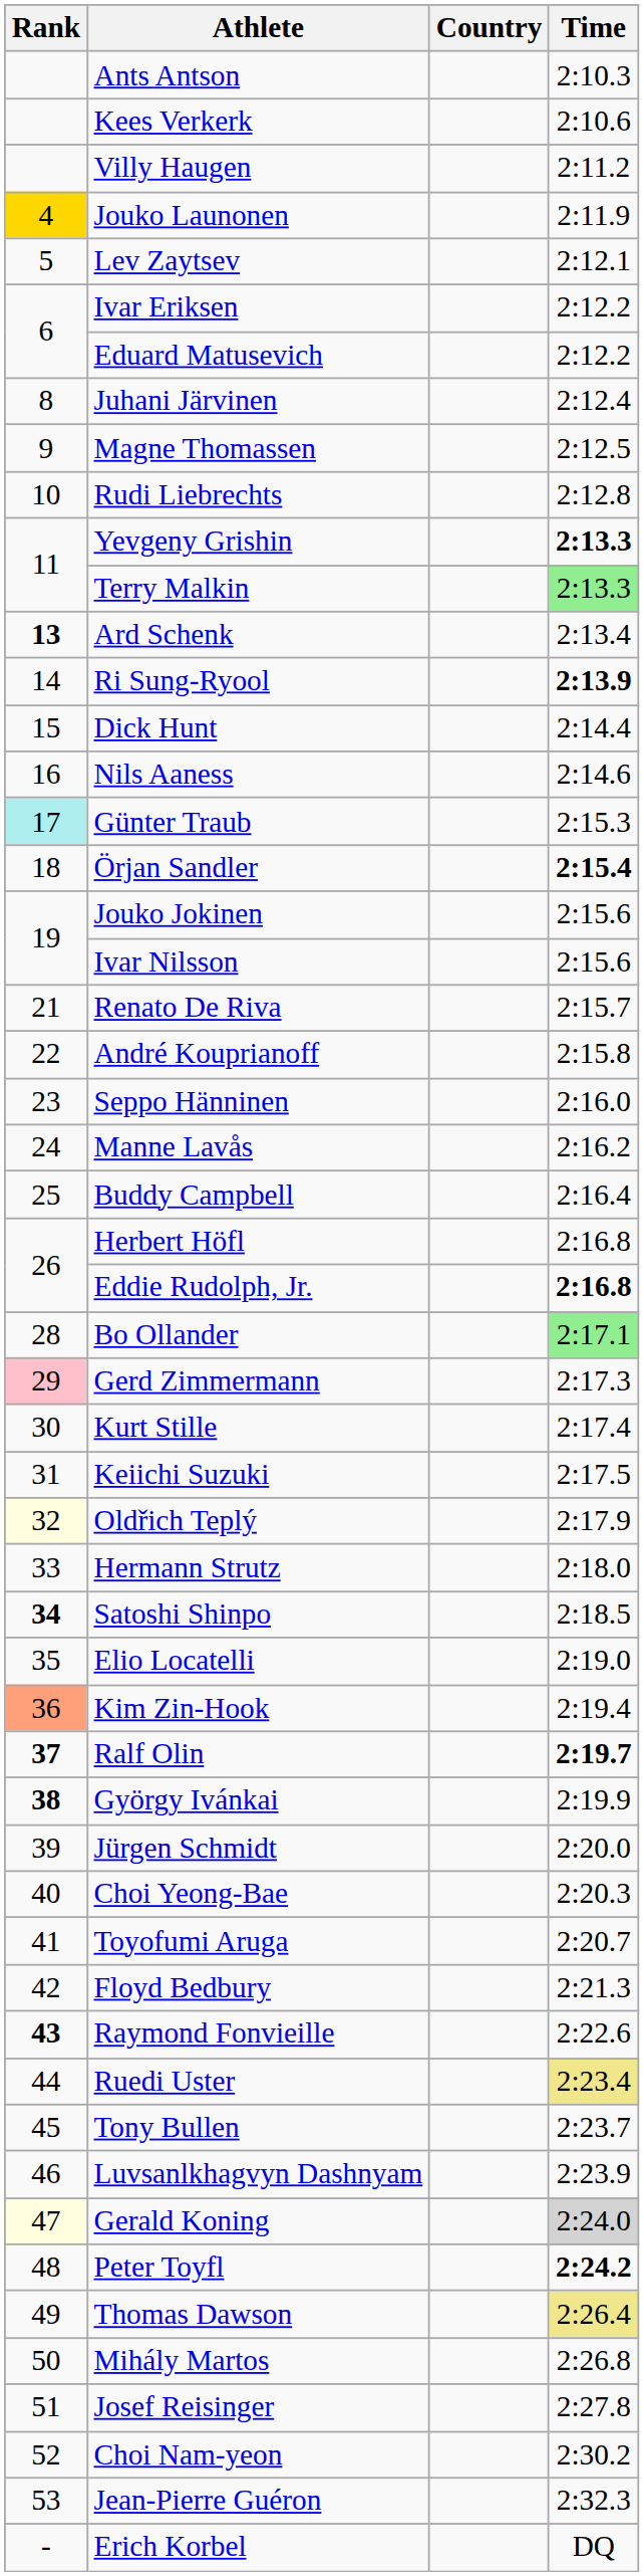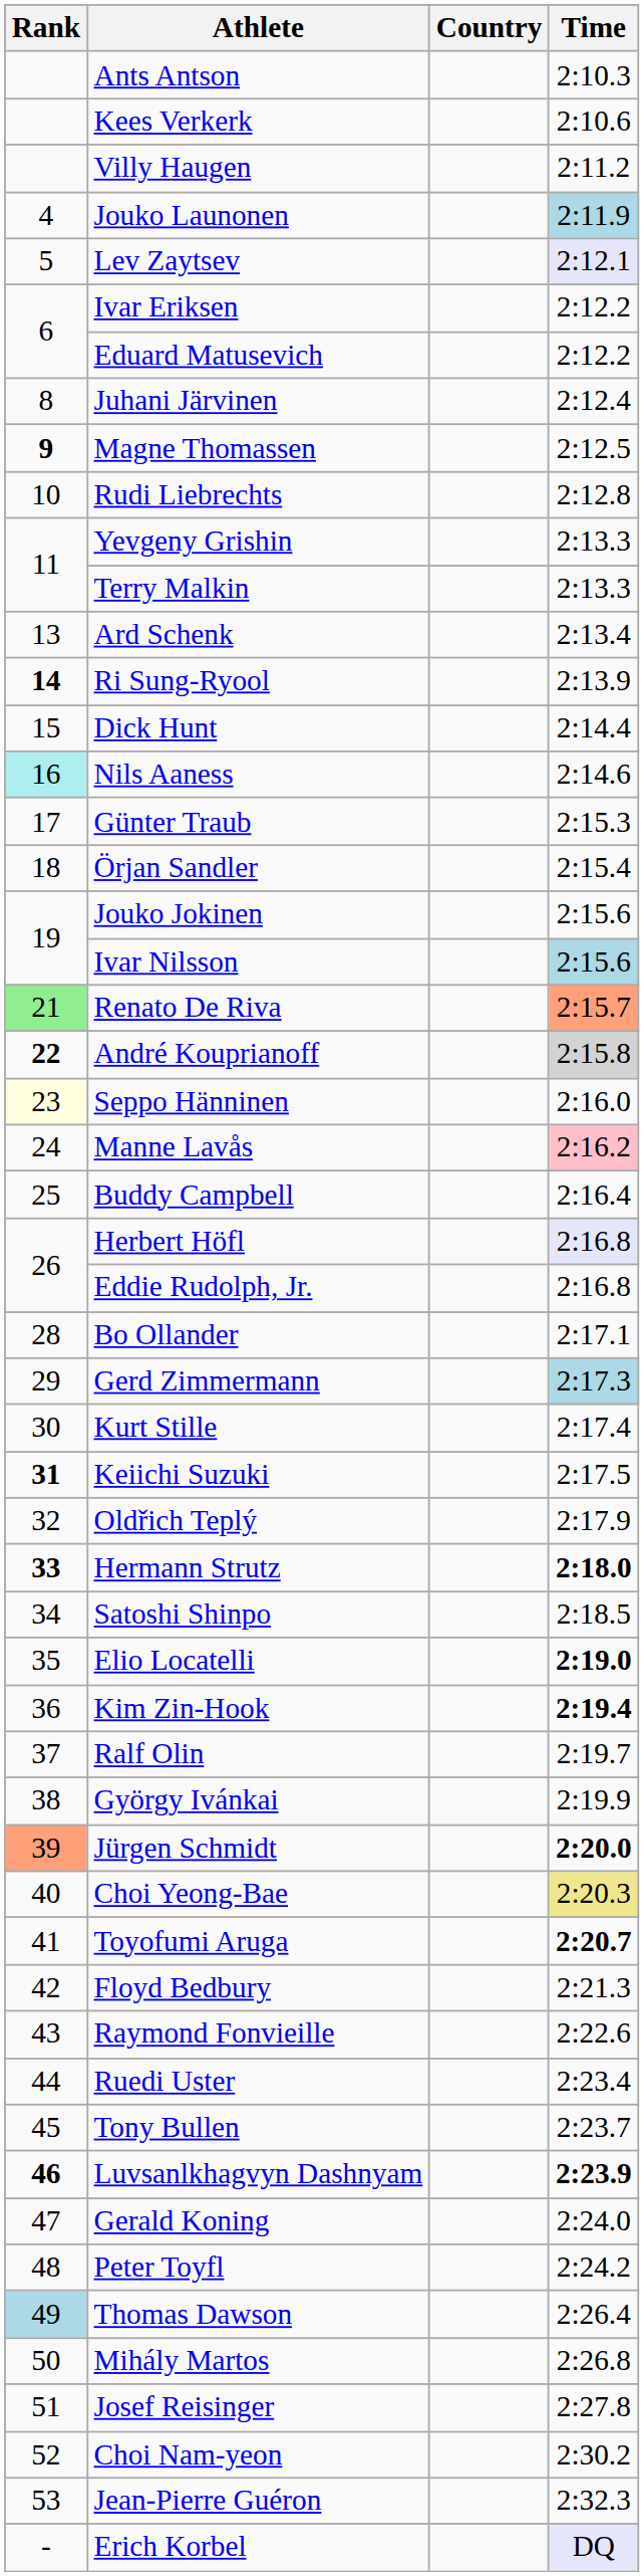 <table class="wikitable sortable" style="text-align:center">
 <tr>
 <th>Rank</th>
 <th>Athlete</th>
 <th>Country</th>
 <th>Time</th>
 </tr>
 <tr>
 <td></td>
 <td align=left><a href='#'>Ants Antson</a></td>
 <td align=left></td>
 <td>2:10.3</td>
 </tr>
 <tr>
 <td></td>
 <td align=left><a href='#'>Kees Verkerk</a></td>
 <td align=left></td>
 <td>2:10.6</td>
 </tr>
 <tr>
 <td></td>
 <td align=left><a href='#'>Villy Haugen</a></td>
 <td align=left></td>
 <td>2:11.2</td>
 </tr>
 <tr>
-<td style="background: gold;">4</td>
+<td>4</td>
 <td align=left><a href='#'>Jouko Launonen</a></td>
 <td align=left></td>
-<td>2:11.9</td>
+<td style="background: lightblue;">2:11.9</td>
 </tr>
 <tr>
 <td>5</td>
 <td align=left><a href='#'>Lev Zaytsev</a></td>
 <td align=left></td>
-<td>2:12.1</td>
+<td style="background: lavender;">2:12.1</td>
 </tr>
 <tr>
 <td rowspan=2>6</td>
 <td align=left><a href='#'>Ivar Eriksen</a></td>
 <td align=left></td>
 <td>2:12.2</td>
 </tr>
 <tr>
 <td align=left><a href='#'>Eduard Matusevich</a></td>
 <td align=left></td>
 <td>2:12.2</td>
 </tr>
 <tr>
 <td>8</td>
 <td align=left><a href='#'>Juhani Järvinen</a></td>
 <td align=left></td>
 <td>2:12.4</td>
 </tr>
 <tr>
-<td>9</td>
+<td><strong>9</strong></td>
 <td align=left><a href='#'>Magne Thomassen</a></td>
 <td align=left></td>
 <td>2:12.5</td>
 </tr>
 <tr>
 <td>10</td>
 <td align=left><a href='#'>Rudi Liebrechts</a></td>
 <td align=left></td>
 <td>2:12.8</td>
 </tr>
 <tr>
 <td rowspan=2>11</td>
 <td align=left><a href='#'>Yevgeny Grishin</a></td>
 <td align=left></td>
-<td><strong>2:13.3</strong></td>
+<td>2:13.3</td>
 </tr>
 <tr>
 <td align=left><a href='#'>Terry Malkin</a></td>
 <td align=left></td>
-<td style="background: lightgreen;">2:13.3</td>
+<td>2:13.3</td>
 </tr>
 <tr>
-<td><strong>13</strong></td>
+<td>13</td>
 <td align=left><a href='#'>Ard Schenk</a></td>
 <td align=left></td>
 <td>2:13.4</td>
 </tr>
 <tr>
-<td>14</td>
+<td><strong>14</strong></td>
 <td align=left><a href='#'>Ri Sung-Ryool</a></td>
 <td align=left></td>
-<td><strong>2:13.9</strong></td>
+<td>2:13.9</td>
 </tr>
 <tr>
 <td>15</td>
 <td align=left><a href='#'>Dick Hunt</a></td>
 <td align=left></td>
 <td>2:14.4</td>
 </tr>
 <tr>
-<td>16</td>
+<td style="background: paleturquoise;">16</td>
 <td align=left><a href='#'>Nils Aaness</a></td>
 <td align=left></td>
 <td>2:14.6</td>
 </tr>
 <tr>
-<td style="background: paleturquoise;">17</td>
+<td>17</td>
 <td align=left><a href='#'>Günter Traub</a></td>
 <td align=left></td>
 <td>2:15.3</td>
 </tr>
 <tr>
 <td>18</td>
 <td align=left><a href='#'>Örjan Sandler</a></td>
 <td align=left></td>
-<td><strong>2:15.4</strong></td>
+<td>2:15.4</td>
 </tr>
 <tr>
 <td rowspan=2>19</td>
 <td align=left><a href='#'>Jouko Jokinen</a></td>
 <td align=left></td>
 <td>2:15.6</td>
 </tr>
 <tr>
 <td align=left><a href='#'>Ivar Nilsson</a></td>
 <td align=left></td>
-<td>2:15.6</td>
+<td style="background: lightblue;">2:15.6</td>
 </tr>
 <tr>
-<td>21</td>
+<td style="background: lightgreen;">21</td>
 <td align=left><a href='#'>Renato De Riva</a></td>
 <td align=left></td>
-<td>2:15.7</td>
+<td style="background: lightsalmon;">2:15.7</td>
 </tr>
 <tr>
-<td>22</td>
+<td><strong>22</strong></td>
 <td align=left><a href='#'>André Kouprianoff</a></td>
 <td align=left></td>
-<td>2:15.8</td>
+<td style="background: lightgrey;">2:15.8</td>
 </tr>
 <tr>
-<td>23</td>
+<td style="background: lightyellow;">23</td>
 <td align=left><a href='#'>Seppo Hänninen</a></td>
 <td align=left></td>
 <td>2:16.0</td>
 </tr>
 <tr>
 <td>24</td>
 <td align=left><a href='#'>Manne Lavås</a></td>
 <td align=left></td>
-<td>2:16.2</td>
+<td style="background: pink;">2:16.2</td>
 </tr>
 <tr>
 <td>25</td>
 <td align=left><a href='#'>Buddy Campbell</a></td>
 <td align=left></td>
 <td>2:16.4</td>
 </tr>
 <tr>
 <td rowspan=2>26</td>
 <td align=left><a href='#'>Herbert Höfl</a></td>
 <td align=left></td>
-<td>2:16.8</td>
+<td style="background: lavender;">2:16.8</td>
 </tr>
 <tr>
 <td align=left><a href='#'>Eddie Rudolph, Jr.</a></td>
 <td align=left></td>
-<td><strong>2:16.8</strong></td>
+<td>2:16.8</td>
 </tr>
 <tr>
 <td>28</td>
 <td align=left><a href='#'>Bo Ollander</a></td>
 <td align=left></td>
-<td style="background: lightgreen;">2:17.1</td>
+<td>2:17.1</td>
 </tr>
 <tr>
-<td style="background: pink;">29</td>
+<td>29</td>
 <td align=left><a href='#'>Gerd Zimmermann</a></td>
 <td align=left></td>
-<td>2:17.3</td>
+<td style="background: lightblue;">2:17.3</td>
 </tr>
 <tr>
 <td>30</td>
 <td align=left><a href='#'>Kurt Stille</a></td>
 <td align=left></td>
 <td>2:17.4</td>
 </tr>
 <tr>
-<td>31</td>
+<td><strong>31</strong></td>
 <td align=left><a href='#'>Keiichi Suzuki</a></td>
 <td align=left></td>
 <td>2:17.5</td>
 </tr>
 <tr>
-<td style="background: lightyellow;">32</td>
+<td>32</td>
 <td align=left><a href='#'>Oldřich Teplý</a></td>
 <td align=left></td>
 <td>2:17.9</td>
 </tr>
 <tr>
-<td>33</td>
+<td><strong>33</strong></td>
 <td align=left><a href='#'>Hermann Strutz</a></td>
 <td align=left></td>
-<td>2:18.0</td>
+<td><strong>2:18.0</strong></td>
 </tr>
 <tr>
-<td><strong>34</strong></td>
+<td>34</td>
 <td align=left><a href='#'>Satoshi Shinpo</a></td>
 <td align=left></td>
 <td>2:18.5</td>
 </tr>
 <tr>
 <td>35</td>
 <td align=left><a href='#'>Elio Locatelli</a></td>
 <td align=left></td>
-<td>2:19.0</td>
+<td><strong>2:19.0</strong></td>
 </tr>
 <tr>
-<td style="background: lightsalmon;">36</td>
+<td>36</td>
 <td align=left><a href='#'>Kim Zin-Hook</a></td>
 <td align=left></td>
-<td>2:19.4</td>
+<td><strong>2:19.4</strong></td>
 </tr>
 <tr>
-<td><strong>37</strong></td>
+<td>37</td>
 <td align=left><a href='#'>Ralf Olin</a></td>
 <td align=left></td>
-<td><strong>2:19.7</strong></td>
+<td>2:19.7</td>
 </tr>
 <tr>
-<td><strong>38</strong></td>
+<td>38</td>
 <td align=left><a href='#'>György Ivánkai</a></td>
 <td align=left></td>
 <td>2:19.9</td>
 </tr>
 <tr>
-<td>39</td>
+<td style="background: lightsalmon;">39</td>
 <td align=left><a href='#'>Jürgen Schmidt</a></td>
 <td align=left></td>
-<td>2:20.0</td>
+<td><strong>2:20.0</strong></td>
 </tr>
 <tr>
 <td>40</td>
 <td align=left><a href='#'>Choi Yeong-Bae</a></td>
 <td align=left></td>
-<td>2:20.3</td>
+<td style="background: khaki;">2:20.3</td>
 </tr>
 <tr>
 <td>41</td>
 <td align=left><a href='#'>Toyofumi Aruga</a></td>
 <td align=left></td>
-<td>2:20.7</td>
+<td><strong>2:20.7</strong></td>
 </tr>
 <tr>
 <td>42</td>
 <td align=left><a href='#'>Floyd Bedbury</a></td>
 <td align=left></td>
 <td>2:21.3</td>
 </tr>
 <tr>
-<td><strong>43</strong></td>
+<td>43</td>
 <td align=left><a href='#'>Raymond Fonvieille</a></td>
 <td align=left></td>
 <td>2:22.6</td>
 </tr>
 <tr>
 <td>44</td>
 <td align=left><a href='#'>Ruedi Uster</a></td>
 <td align=left></td>
-<td style="background: khaki;">2:23.4</td>
+<td>2:23.4</td>
 </tr>
 <tr>
 <td>45</td>
 <td align=left><a href='#'>Tony Bullen</a></td>
 <td align=left></td>
 <td>2:23.7</td>
 </tr>
 <tr>
-<td>46</td>
+<td><strong>46</strong></td>
 <td align=left><a href='#'>Luvsanlkhagvyn Dashnyam</a></td>
 <td align=left></td>
-<td>2:23.9</td>
+<td><strong>2:23.9</strong></td>
 </tr>
 <tr>
-<td style="background: lightyellow;">47</td>
+<td>47</td>
 <td align=left><a href='#'>Gerald Koning</a></td>
 <td align=left></td>
-<td style="background: lightgrey;">2:24.0</td>
+<td>2:24.0</td>
 </tr>
 <tr>
 <td>48</td>
 <td align=left><a href='#'>Peter Toyfl</a></td>
 <td align=left></td>
-<td><strong>2:24.2</strong></td>
+<td>2:24.2</td>
 </tr>
 <tr>
-<td>49</td>
+<td style="background: lightblue;">49</td>
 <td align=left><a href='#'>Thomas Dawson</a></td>
 <td align=left></td>
-<td style="background: khaki;">2:26.4</td>
+<td>2:26.4</td>
 </tr>
 <tr>
 <td>50</td>
 <td align=left><a href='#'>Mihály Martos</a></td>
 <td align=left></td>
 <td>2:26.8</td>
 </tr>
 <tr>
 <td>51</td>
 <td align=left><a href='#'>Josef Reisinger</a></td>
 <td align=left></td>
 <td>2:27.8</td>
 </tr>
 <tr>
 <td>52</td>
 <td align=left><a href='#'>Choi Nam-yeon</a></td>
 <td align=left></td>
 <td>2:30.2</td>
 </tr>
 <tr>
 <td>53</td>
 <td align=left><a href='#'>Jean-Pierre Guéron</a></td>
 <td align=left></td>
 <td>2:32.3</td>
 </tr>
 <tr>
 <td>-</td>
 <td align=left><a href='#'>Erich Korbel</a></td>
 <td align=left></td>
-<td>DQ</td>
+<td style="background: lavender;">DQ</td>
 </tr>
 </table>
